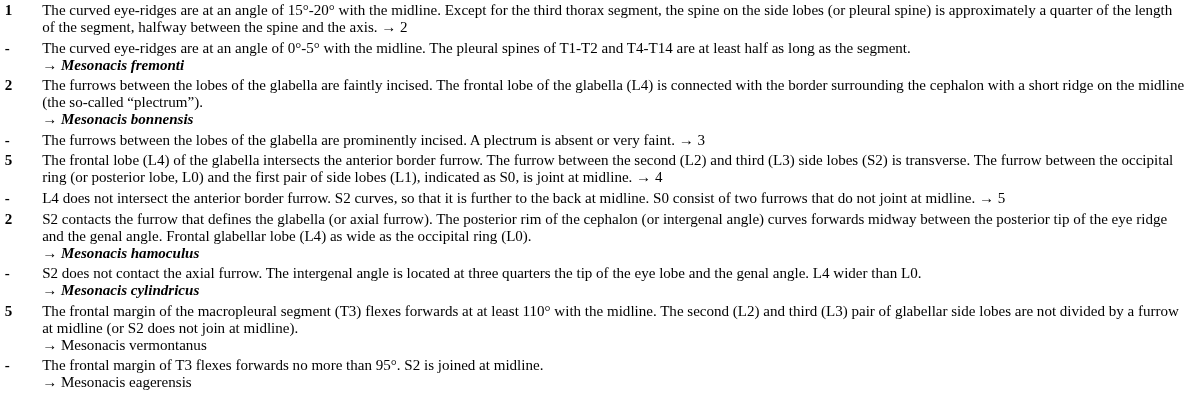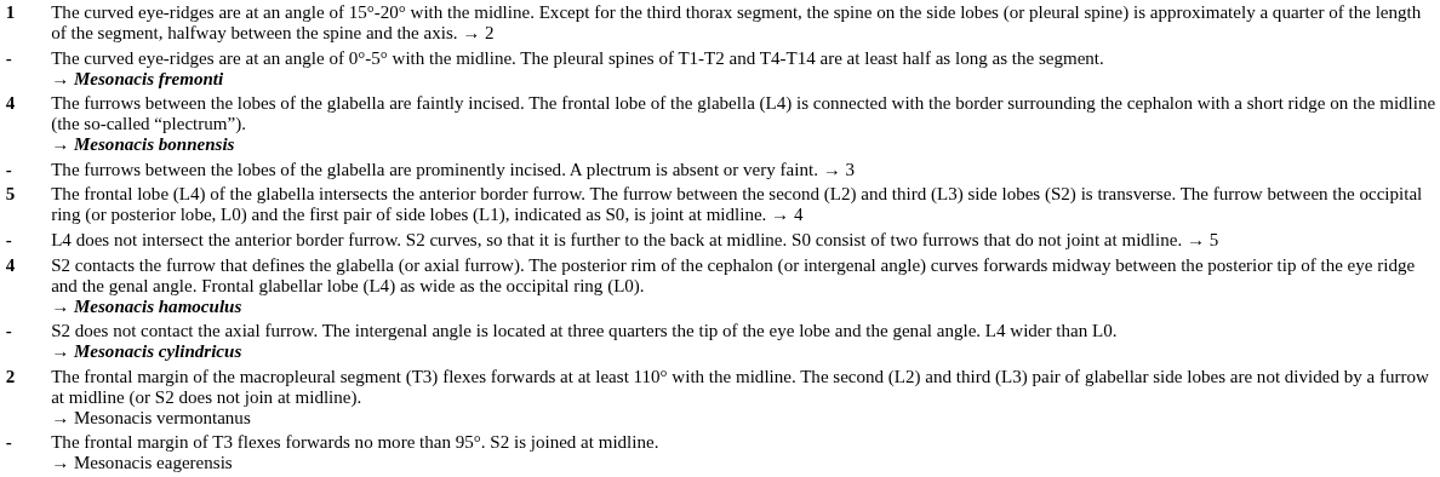 <table>
 <tr valign="top"  align="left">
 <th scope="row" width="3%"><strong>1</strong></th>
 <td width="97%">The curved eye-ridges are at an angle of 15°-20° with the midline. Except for the third thorax segment, the spine on the side lobes (or pleural spine) is approximately a quarter of the length of the segment, halfway between the spine and the axis. → 2</td>
 </tr>
 <tr valign="top" align="left">
 <th scope="row" width="3%"><strong>-</strong></th>
 <td width="97%">The curved eye-ridges are at an angle of 0°-5° with the midline. The pleural spines of T1-T2 and T4-T14 are at least half as long as the segment.<br>→ <strong><em>Mesonacis fremonti</em></strong></td>
 </tr>
 <tr valign="top"  align="left">
-<th scope="row" width="3%"><strong>2</strong></th>
+<th scope="row" width="3%"><strong>4</strong></th>
 <td width="97%">The furrows between the lobes of the glabella are faintly incised. The frontal lobe of the glabella (L4) is connected with the border surrounding the cephalon with a short ridge on the midline (the so-called “plectrum”).<br>→ <strong><em>Mesonacis bonnensis</em></strong></td>
 </tr>
 <tr valign="top" align="left">
 <th scope="row" width="3%"><strong>-</strong></th>
 <td width="97%">The furrows between the lobes of the glabella are prominently incised. A plectrum is absent or very faint. → 3</td>
 </tr>
 <tr valign="top"  align="left">
 <th scope="row" width="3%"></strong>5<strong></th>
 <td width="97%">The frontal lobe (L4) of the glabella intersects the anterior border furrow. The furrow between the second (L2) and third (L3) side lobes (S2) is transverse. The furrow between the occipital ring (or posterior lobe, L0) and the first pair of side lobes (L1), indicated as S0, is joint at midline. → 4</td>
 </tr>
 <tr valign="top" align="left">
 <th scope="row" width="3%"><strong>-</strong></th>
 <td width="97%">L4 does not intersect the anterior border furrow. S2 curves, so that it is further to the back at midline. S0 consist of two furrows that do not joint at midline. → 5</td>
 </tr>
 <tr valign="top"  align="left">
-<th scope="row" width="3%"><strong>2</strong></th>
+<th scope="row" width="3%"><strong>4</strong></th>
 <td width="97%">S2 contacts the furrow that defines the glabella (or axial furrow). The posterior rim of the cephalon (or intergenal angle) curves forwards midway between the posterior tip of the eye ridge and the genal angle. Frontal glabellar lobe (L4) as wide as the occipital ring (L0).<br>→ <strong><em>Mesonacis hamoculus</em></strong></td>
 </tr>
 <tr valign="top" align="left">
 <th scope="row" width="3%"><strong>-</strong></th>
 <td width="97%">S2 does not contact the axial furrow. The intergenal angle is located at three quarters the tip of the eye lobe and the genal angle. L4 wider than L0.<br>→ <strong><em>Mesonacis <em>cylindricus<strong></td>
 </tr>
 <tr valign="top"  align="left">
-<th scope="row" width="3%"></strong>5<strong></th>
+<th scope="row" width="3%"><strong>2</strong></th>
 <td width="97%">The frontal margin of the macropleural segment (T3) flexes forwards at at least 110° with the midline. The second (L2) and third (L3) pair of glabellar side lobes are not divided by a furrow at midline (or S2 does not join at midline).<br>→ </em></strong>Mesonacis vermontanus<strong><em></td>
 </tr>
 <tr valign="top" align="left">
 <th scope="row" width="3%"></strong>-<strong></th>
 <td width="97%">The frontal margin of T3 flexes forwards no more than 95°. S2 is joined at midline.<br>→ </em></strong>Mesonacis eagerensis<strong><em></td>
 </tr>
 </table>
